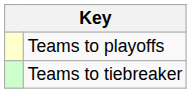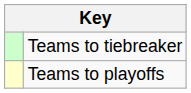 <table class="wikitable">
 <tr>
 <th colspan=2>Key</th>
 </tr>
 <tr>
+<td style="background:#ccffcc; width:10px;"></td>
+<td style="text-align:left;">Teams to tiebreaker</td>
+</tr>
+<tr>
 <td style="background:#ffffcc; width:10px;"></td>
 <td style="text-align:left;">Teams to playoffs</td>
 </tr>
-<tr>
-<td style="background:#ccffcc; width:10px;"></td>
-<td style="text-align:left;">Teams to tiebreaker</td>
-</tr>
 </table>
